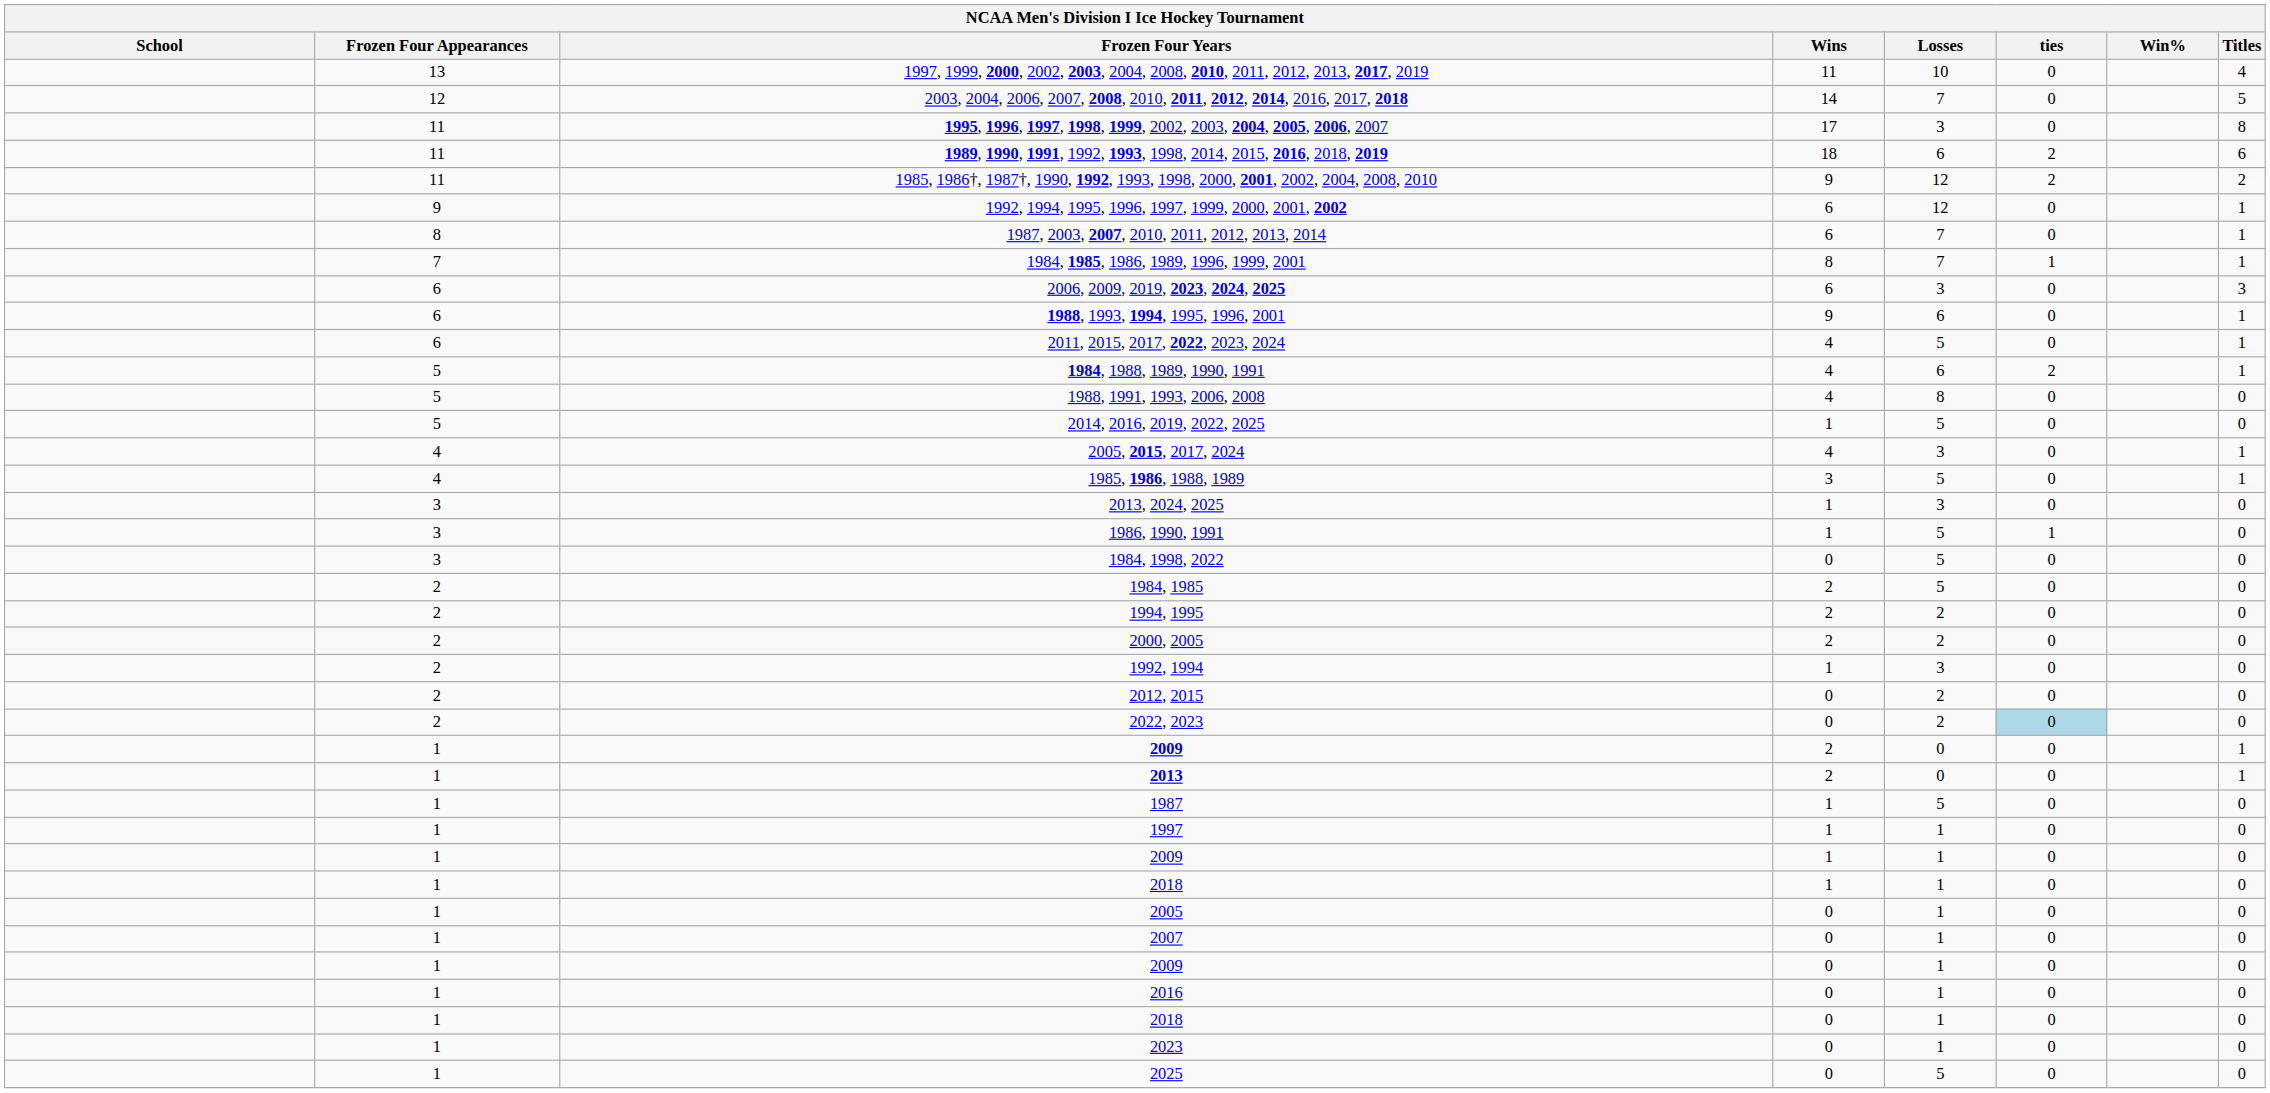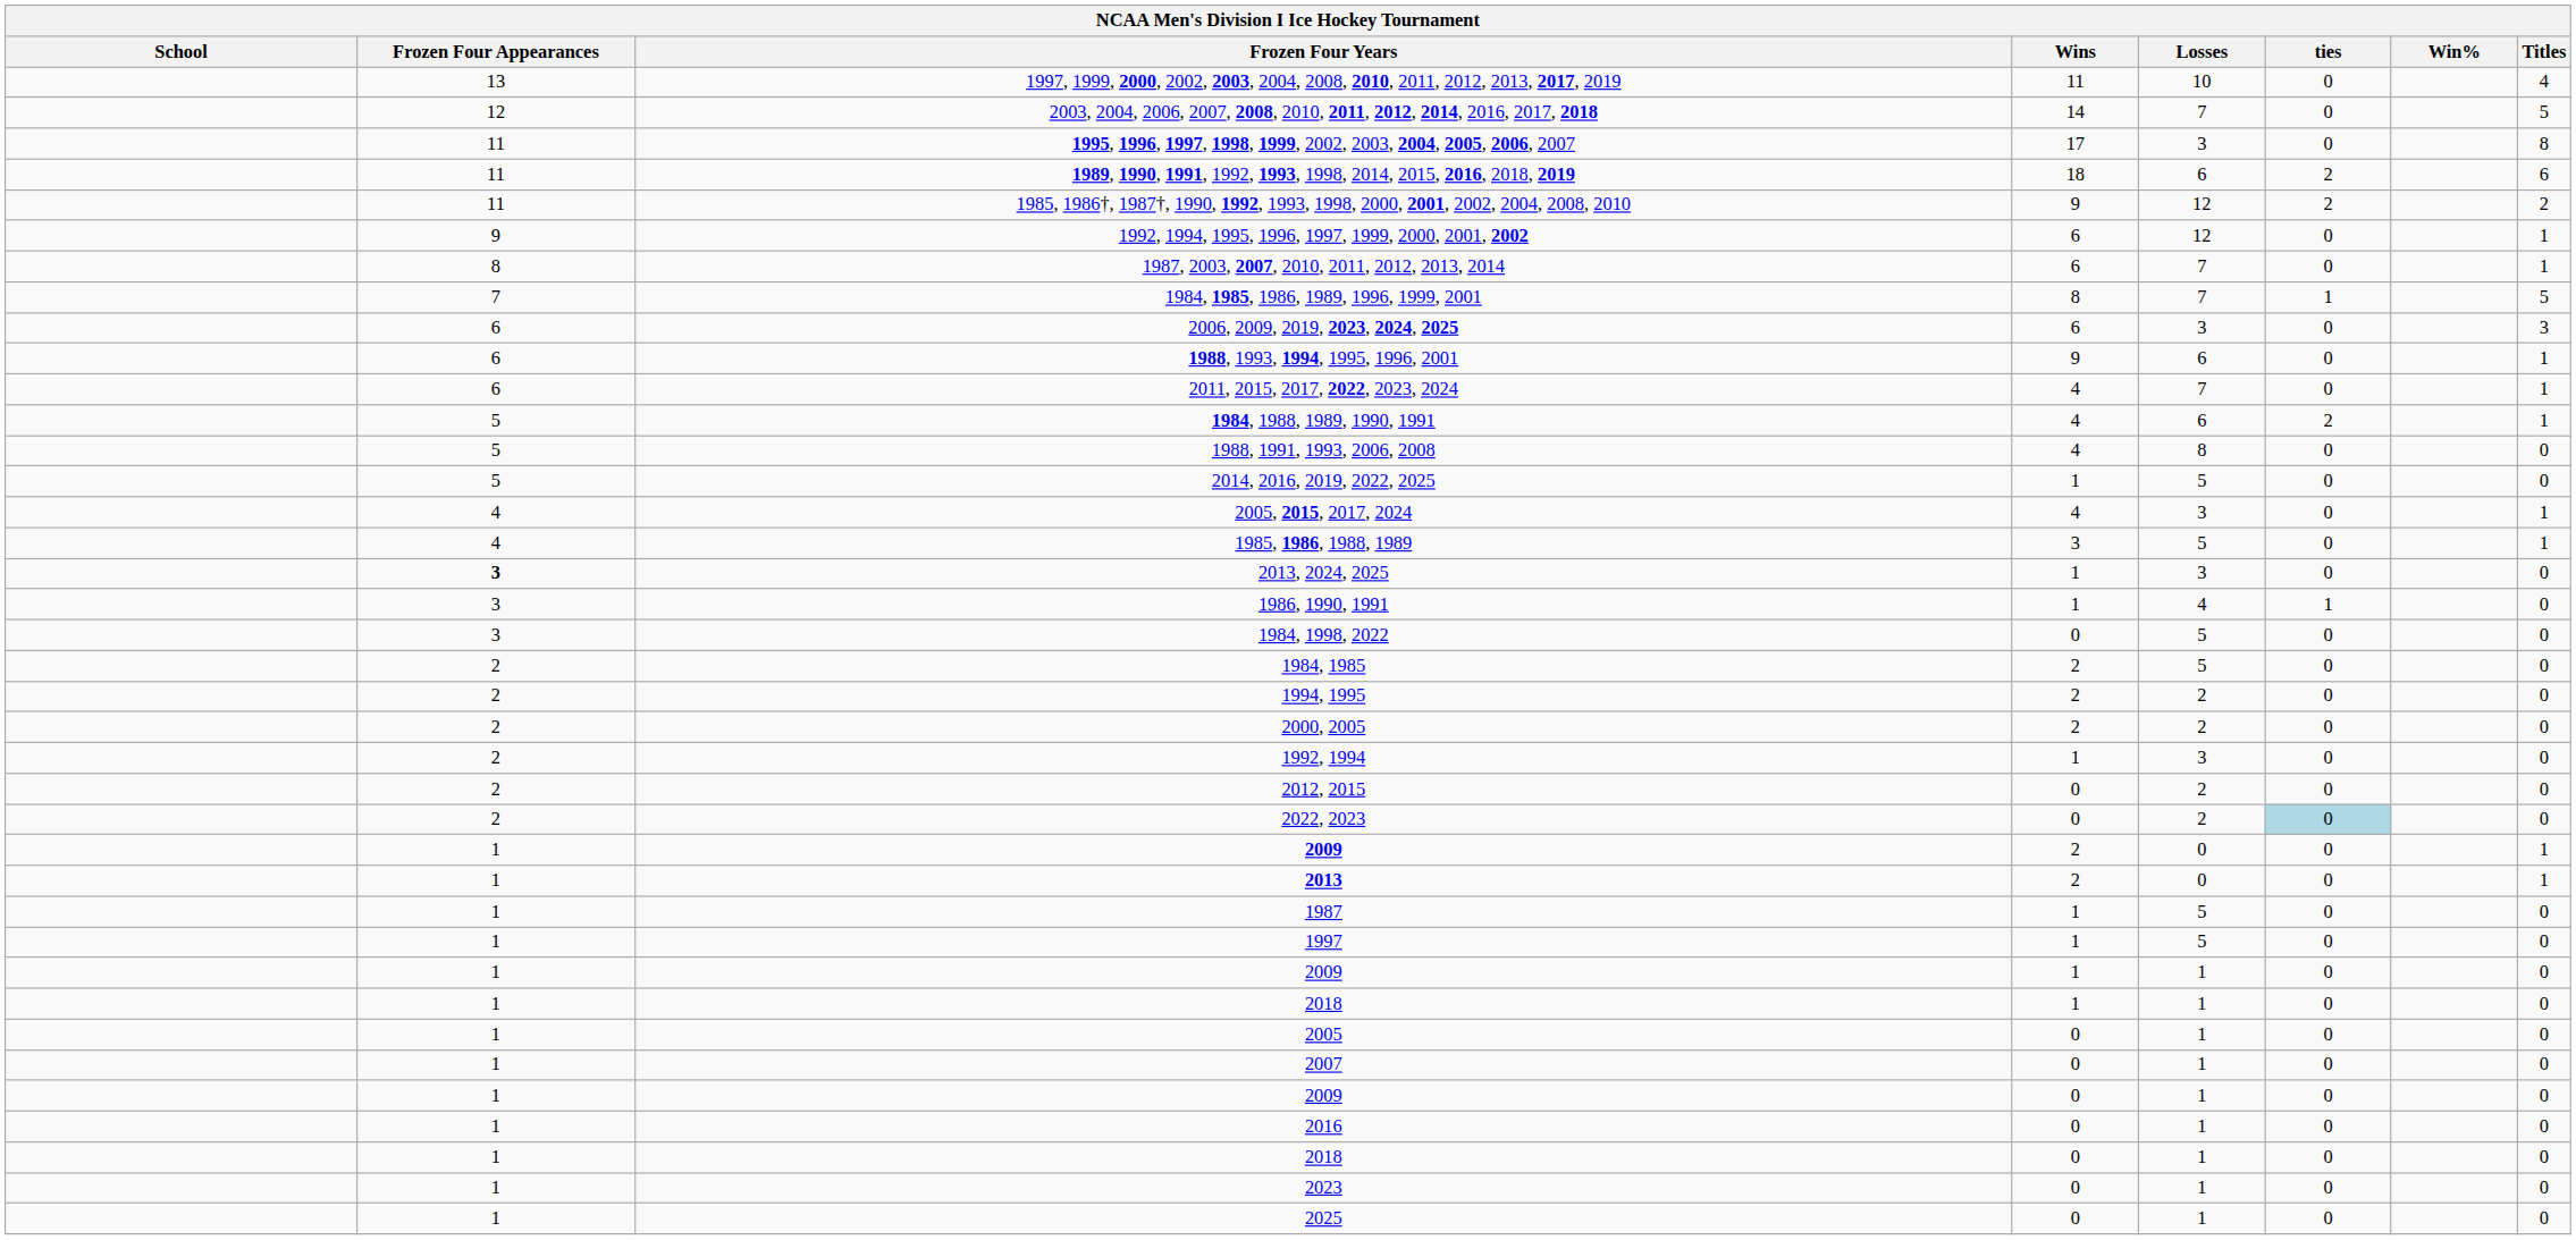 <table class="wikitable sortable" style="font-size:90%; width: 100%; text-align: center;">
 <tr>
 <th colspan=9>NCAA Men's Division I Ice Hockey Tournament</th>
 </tr>
 <tr>
 <th width=14%>School</th>
 <th width=11%>Frozen Four Appearances</th>
 <th width=55%>Frozen Four Years</th>
 <th width=5%>Wins</th>
 <th width=5%>Losses</th>
 <th width=5%>ties</th>
 <th width=5%>Win%</th>
 <th width=5%>Titles</th>
 </tr>
 <tr>
 <td align=center><strong><a href='#'></a></strong></td>
 <td>13</td>
 <td><a href='#'>1997</a>, <a href='#'>1999</a>, <strong><a href='#'>2000</a></strong>, <a href='#'>2002</a>, <strong><a href='#'>2003</a></strong>, <a href='#'>2004</a>, <a href='#'>2008</a>, <strong><a href='#'>2010</a></strong>, <a href='#'>2011</a>, <a href='#'>2012</a>, <a href='#'>2013</a>, <strong><a href='#'>2017</a></strong>, <a href='#'>2019</a></td>
 <td>11</td>
 <td>10</td>
 <td>0</td>
 <td><strong></strong></td>
 <td>4</td>
 </tr>
 <tr>
 <td align=center><strong><a href='#'></a></strong></td>
 <td>12</td>
 <td><a href='#'>2003</a>, <a href='#'>2004</a>, <a href='#'>2006</a>, <a href='#'>2007</a>, <strong><a href='#'>2008</a></strong>, <a href='#'>2010</a>, <strong><a href='#'>2011</a></strong>, <strong><a href='#'>2012</a></strong>, <strong><a href='#'>2014</a></strong>, <a href='#'>2016</a>, <a href='#'>2017</a>, <strong><a href='#'>2018</a></strong></td>
 <td>14</td>
 <td>7</td>
 <td>0</td>
 <td><strong></strong></td>
 <td>5</td>
 </tr>
 <tr>
 <td align=center><strong><a href='#'></a></strong></td>
 <td>11</td>
 <td><strong><a href='#'>1995</a></strong>, <strong><a href='#'>1996</a></strong>, <strong><a href='#'>1997</a></strong>, <strong><a href='#'>1998</a></strong>, <strong><a href='#'>1999</a></strong>, <a href='#'>2002</a>, <a href='#'>2003</a>, <strong><a href='#'>2004</a></strong>, <strong><a href='#'>2005</a></strong>, <strong><a href='#'>2006</a></strong>, <a href='#'>2007</a></td>
 <td>17</td>
 <td>3</td>
 <td>0</td>
 <td><strong></strong></td>
 <td>8</td>
 </tr>
 <tr>
 <td align=center><strong><a href='#'></a></strong></td>
 <td>11</td>
 <td><strong><a href='#'>1989</a></strong>, <strong><a href='#'>1990</a></strong>, <strong><a href='#'>1991</a></strong>, <a href='#'>1992</a>, <strong><a href='#'>1993</a></strong>, <a href='#'>1998</a>, <a href='#'>2014</a>, <a href='#'>2015</a>, <strong><a href='#'>2016</a></strong>, <a href='#'>2018</a>, <strong><a href='#'>2019</a></strong></td>
 <td>18</td>
 <td>6</td>
 <td>2</td>
 <td><strong></strong></td>
 <td>6</td>
 </tr>
 <tr>
 <td align=center><strong><a href='#'></a></strong></td>
 <td>11</td>
 <td><a href='#'>1985</a>, <a href='#'>1986</a>†, <a href='#'>1987</a>†, <a href='#'>1990</a>, <strong><a href='#'>1992</a></strong>, <a href='#'>1993</a>, <a href='#'>1998</a>, <a href='#'>2000</a>, <strong><a href='#'>2001</a></strong>, <a href='#'>2002</a>, <a href='#'>2004</a>, <a href='#'>2008</a>, <a href='#'>2010</a></td>
 <td>9</td>
 <td>12</td>
 <td>2</td>
 <td><strong></strong></td>
 <td>2</td>
 </tr>
 <tr>
 <td align=center><strong><a href='#'></a></strong></td>
 <td>9</td>
 <td><a href='#'>1992</a>, <a href='#'>1994</a>, <a href='#'>1995</a>, <a href='#'>1996</a>, <a href='#'>1997</a>, <a href='#'>1999</a>, <a href='#'>2000</a>, <a href='#'>2001</a>, <strong><a href='#'>2002</a></strong></td>
 <td>6</td>
 <td>12</td>
 <td>0</td>
 <td><strong></strong></td>
 <td>1</td>
 </tr>
 <tr>
 <td align=center><strong><a href='#'></a></strong></td>
 <td>8</td>
 <td><a href='#'>1987</a>, <a href='#'>2003</a>, <strong><a href='#'>2007</a></strong>, <a href='#'>2010</a>, <a href='#'>2011</a>, <a href='#'>2012</a>, <a href='#'>2013</a>, <a href='#'>2014</a></td>
 <td>6</td>
 <td>7</td>
 <td>0</td>
 <td><strong></strong></td>
 <td>1</td>
 </tr>
 <tr>
 <td align=center><strong><a href='#'></a></strong></td>
 <td>7</td>
 <td><a href='#'>1984</a>, <strong><a href='#'>1985</a></strong>, <a href='#'>1986</a>, <a href='#'>1989</a>, <a href='#'>1996</a>, <a href='#'>1999</a>, <a href='#'>2001</a></td>
 <td>8</td>
 <td>7</td>
 <td>1</td>
 <td><strong></strong></td>
-<td>1</td>
+<td>5</td>
 </tr>
 <tr>
 <td align=center><strong><a href='#'></a></strong></td>
 <td>6</td>
 <td><a href='#'>2006</a>, <a href='#'>2009</a>, <a href='#'>2019</a>, <strong><a href='#'>2023</a></strong>, <strong><a href='#'>2024</a></strong>, <strong><a href='#'>2025</a></strong></td>
 <td>6</td>
 <td>3</td>
 <td>0</td>
 <td><strong></strong></td>
 <td>3</td>
 </tr>
 <tr>
 <td align=center><strong><a href='#'></a></strong></td>
 <td>6</td>
 <td><strong><a href='#'>1988</a></strong>, <a href='#'>1993</a>, <strong><a href='#'>1994</a></strong>, <a href='#'>1995</a>, <a href='#'>1996</a>, <a href='#'>2001</a></td>
 <td>9</td>
 <td>6</td>
 <td>0</td>
 <td><strong></strong></td>
 <td>1</td>
 </tr>
 <tr>
 <td align=center><strong><a href='#'></a></strong></td>
 <td>6</td>
 <td><a href='#'>2011</a>, <a href='#'>2015</a>, <a href='#'>2017</a>, <strong><a href='#'>2022</a></strong>, <a href='#'>2023</a>, <a href='#'>2024</a></td>
 <td>4</td>
-<td>5</td>
+<td>7</td>
 <td>0</td>
 <td><strong></strong></td>
 <td>1</td>
 </tr>
 <tr>
 <td align=center><strong><a href='#'></a></strong></td>
 <td>5</td>
 <td><strong><a href='#'>1984</a></strong>, <a href='#'>1988</a>, <a href='#'>1989</a>, <a href='#'>1990</a>, <a href='#'>1991</a></td>
 <td>4</td>
 <td>6</td>
 <td>2</td>
 <td><strong></strong></td>
 <td>1</td>
 </tr>
 <tr>
 <td align=center><strong><a href='#'></a></strong></td>
 <td>5</td>
 <td><a href='#'>1988</a>, <a href='#'>1991</a>, <a href='#'>1993</a>, <a href='#'>2006</a>, <a href='#'>2008</a></td>
 <td>4</td>
 <td>8</td>
 <td>0</td>
 <td><strong></strong></td>
 <td>0</td>
 </tr>
 <tr>
 <td align=center><strong><a href='#'></a></strong></td>
 <td>5</td>
 <td><a href='#'>2014</a>, <a href='#'>2016</a>, <a href='#'>2019</a>, <a href='#'>2022</a>, <a href='#'>2025</a></td>
 <td>1</td>
 <td>5</td>
 <td>0</td>
 <td><strong></strong></td>
 <td>0</td>
 </tr>
 <tr>
 <td align=center><strong><a href='#'></a></strong></td>
 <td>4</td>
 <td><a href='#'>2005</a>, <strong><a href='#'>2015</a></strong>, <a href='#'>2017</a>, <a href='#'>2024</a></td>
 <td>4</td>
 <td>3</td>
 <td>0</td>
 <td><strong></strong></td>
 <td>1</td>
 </tr>
 <tr>
 <td align=center><strong><a href='#'></a></strong></td>
 <td>4</td>
 <td><a href='#'>1985</a>, <strong><a href='#'>1986</a></strong>, <a href='#'>1988</a>, <a href='#'>1989</a></td>
 <td>3</td>
 <td>5</td>
 <td>0</td>
 <td><strong></strong></td>
 <td>1</td>
 </tr>
 <tr>
 <td align=center><strong><a href='#'></a></strong></td>
-<td>3</td>
+<td><strong>3</strong></td>
 <td><a href='#'>2013</a>, <a href='#'>2024</a>, <a href='#'>2025</a></td>
 <td>1</td>
 <td>3</td>
 <td>0</td>
 <td><strong></strong></td>
 <td>0</td>
 </tr>
 <tr>
 <td align=center><strong><a href='#'></a></strong></td>
 <td>3</td>
 <td><a href='#'>1986</a>, <a href='#'>1990</a>, <a href='#'>1991</a></td>
 <td>1</td>
-<td>5</td>
+<td>4</td>
 <td>1</td>
 <td><strong></strong></td>
 <td>0</td>
 </tr>
 <tr>
 <td align=center><strong><a href='#'></a></strong></td>
 <td>3</td>
 <td><a href='#'>1984</a>, <a href='#'>1998</a>, <a href='#'>2022</a></td>
 <td>0</td>
 <td>5</td>
 <td>0</td>
 <td><strong></strong></td>
 <td>0</td>
 </tr>
 <tr>
 <td align=center><strong><a href='#'></a></strong></td>
 <td>2</td>
 <td><a href='#'>1984</a>, <a href='#'>1985</a></td>
 <td>2</td>
 <td>5</td>
 <td>0</td>
 <td><strong></strong></td>
 <td>0</td>
 </tr>
 <tr>
 <td align=center><strong><a href='#'></a></strong></td>
 <td>2</td>
 <td><a href='#'>1994</a>, <a href='#'>1995</a></td>
 <td>2</td>
 <td>2</td>
 <td>0</td>
 <td><strong></strong></td>
 <td>0</td>
 </tr>
 <tr>
 <td align=center><strong><a href='#'></a></strong></td>
 <td>2</td>
 <td><a href='#'>2000</a>, <a href='#'>2005</a></td>
 <td>2</td>
 <td>2</td>
 <td>0</td>
 <td><strong></strong></td>
 <td>0</td>
 </tr>
 <tr>
 <td align=center><strong><a href='#'></a></strong></td>
 <td>2</td>
 <td><a href='#'>1992</a>, <a href='#'>1994</a></td>
 <td>1</td>
 <td>3</td>
 <td>0</td>
 <td><strong></strong></td>
 <td>0</td>
 </tr>
 <tr>
 <td align=center><strong><a href='#'></a></strong></td>
 <td>2</td>
 <td><a href='#'>2012</a>, <a href='#'>2015</a></td>
 <td>0</td>
 <td>2</td>
 <td>0</td>
 <td><strong></strong></td>
 <td>0</td>
 </tr>
 <tr>
 <td align=center><strong><a href='#'></a></strong></td>
 <td>2</td>
 <td><a href='#'>2022</a>, <a href='#'>2023</a></td>
 <td>0</td>
 <td>2</td>
 <td style="background: lightblue;">0</td>
 <td><strong></strong></td>
 <td>0</td>
 </tr>
 <tr>
 <td align=center><strong><a href='#'></a></strong></td>
 <td>1</td>
 <td><strong><a href='#'>2009</a></strong></td>
 <td>2</td>
 <td>0</td>
 <td>0</td>
 <td><strong></strong></td>
 <td>1</td>
 </tr>
 <tr>
 <td align=center><strong><a href='#'></a></strong></td>
 <td>1</td>
 <td><strong><a href='#'>2013</a></strong></td>
 <td>2</td>
 <td>0</td>
 <td>0</td>
 <td><strong></strong></td>
 <td>1</td>
 </tr>
 <tr>
 <td align=center><strong><a href='#'></a></strong></td>
 <td>1</td>
 <td><a href='#'>1987</a></td>
 <td>1</td>
 <td>5</td>
 <td>0</td>
 <td><strong></strong></td>
 <td>0</td>
 </tr>
 <tr>
 <td align=center><strong><a href='#'></a></strong></td>
 <td>1</td>
 <td><a href='#'>1997</a></td>
 <td>1</td>
-<td>1</td>
+<td>5</td>
 <td>0</td>
 <td><strong></strong></td>
 <td>0</td>
 </tr>
 <tr>
 <td align=center><strong><a href='#'></a></strong></td>
 <td>1</td>
 <td><a href='#'>2009</a></td>
 <td>1</td>
 <td>1</td>
 <td>0</td>
 <td><strong></strong></td>
 <td>0</td>
 </tr>
 <tr>
 <td align=center><strong><a href='#'></a></strong></td>
 <td>1</td>
 <td><a href='#'>2018</a></td>
 <td>1</td>
 <td>1</td>
 <td>0</td>
 <td><strong></strong></td>
 <td>0</td>
 </tr>
 <tr>
 <td align=center><strong><a href='#'></a></strong></td>
 <td>1</td>
 <td><a href='#'>2005</a></td>
 <td>0</td>
 <td>1</td>
 <td>0</td>
 <td><strong></strong></td>
 <td>0</td>
 </tr>
 <tr>
 <td align=center><strong><a href='#'></a></strong></td>
 <td>1</td>
 <td><a href='#'>2007</a></td>
 <td>0</td>
 <td>1</td>
 <td>0</td>
 <td><strong></strong></td>
 <td>0</td>
 </tr>
 <tr>
 <td align=center><strong><a href='#'></a></strong></td>
 <td>1</td>
 <td><a href='#'>2009</a></td>
 <td>0</td>
 <td>1</td>
 <td>0</td>
 <td><strong></strong></td>
 <td>0</td>
 </tr>
 <tr>
 <td align=center><strong><a href='#'></a></strong></td>
 <td>1</td>
 <td><a href='#'>2016</a></td>
 <td>0</td>
 <td>1</td>
 <td>0</td>
 <td><strong></strong></td>
 <td>0</td>
 </tr>
 <tr>
 <td align=center><strong><a href='#'></a></strong></td>
 <td>1</td>
 <td><a href='#'>2018</a></td>
 <td>0</td>
 <td>1</td>
 <td>0</td>
 <td><strong></strong></td>
 <td>0</td>
 </tr>
 <tr>
 <td align=center><strong><a href='#'></a></strong></td>
 <td>1</td>
 <td><a href='#'>2023</a></td>
 <td>0</td>
 <td>1</td>
 <td>0</td>
 <td><strong></strong></td>
 <td>0</td>
 </tr>
 <tr>
 <td align=center><strong><a href='#'></a></strong></td>
 <td>1</td>
 <td><a href='#'>2025</a></td>
 <td>0</td>
-<td>5</td>
+<td>1</td>
 <td>0</td>
 <td><strong></strong></td>
 <td>0</td>
 </tr>
 <tr>
 </tr>
 </table>
